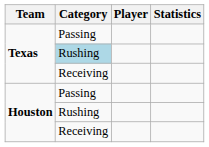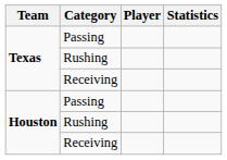 <table class="wikitable" style="float: right;">
 <tr>
 <th>Team</th>
 <th>Category</th>
 <th>Player</th>
 <th>Statistics</th>
 </tr>
 <tr>
 <td rowspan=3 !!><strong>Texas</strong></td>
 <td>Passing</td>
 <td></td>
 <td></td>
 </tr>
 <tr>
-<td style="background: lightblue;">Rushing</td>
+<td>Rushing</td>
 <td></td>
 <td></td>
 </tr>
 <tr>
 <td>Receiving</td>
 <td></td>
 <td></td>
 </tr>
 <tr>
 <td rowspan=3 !!><strong>Houston</strong></td>
 <td>Passing</td>
 <td></td>
 <td></td>
 </tr>
 <tr>
 <td>Rushing</td>
 <td></td>
 <td></td>
 </tr>
 <tr>
 <td>Receiving</td>
 <td></td>
 <td></td>
 </tr>
 </table>
